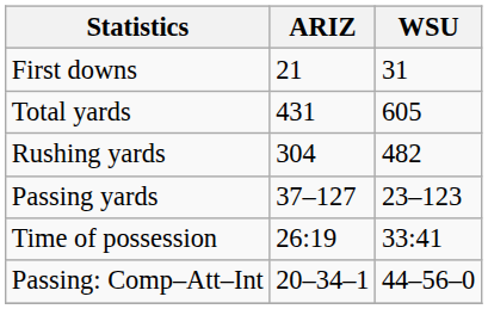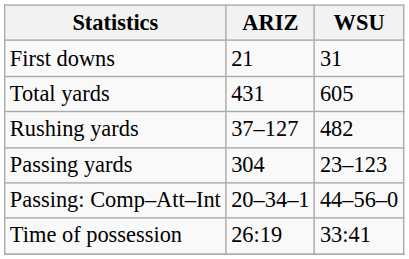 <table class="wikitable" style="float: left;">
 <tr>
 <th>Statistics</th>
 <th>ARIZ</th>
 <th>WSU</th>
 </tr>
 <tr>
 <td>First downs</td>
 <td>21</td>
 <td>31</td>
 </tr>
 <tr>
 <td>Total yards</td>
 <td>431</td>
 <td>605</td>
 </tr>
 <tr>
 <td>Rushing yards</td>
-<td>304</td>
+<td>37–127</td>
 <td>482</td>
 </tr>
 <tr>
 <td>Passing yards</td>
-<td>37–127</td>
+<td>304</td>
 <td>23–123</td>
+</tr>
+<tr>
+<td>Passing: Comp–Att–Int</td>
+<td>20–34–1</td>
+<td>44–56–0</td>
 </tr>
 <tr>
 <td>Time of possession</td>
 <td>26:19</td>
 <td>33:41</td>
 </tr>
 <tr>
-<td>Passing: Comp–Att–Int</td>
-<td>20–34–1</td>
-<td>44–56–0</td>
-</tr>
-<tr>
 </tr>
 </table>
